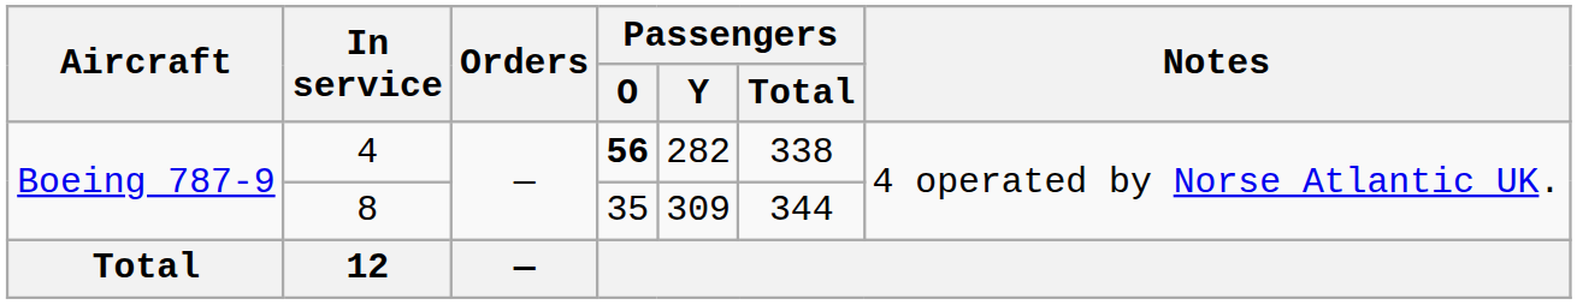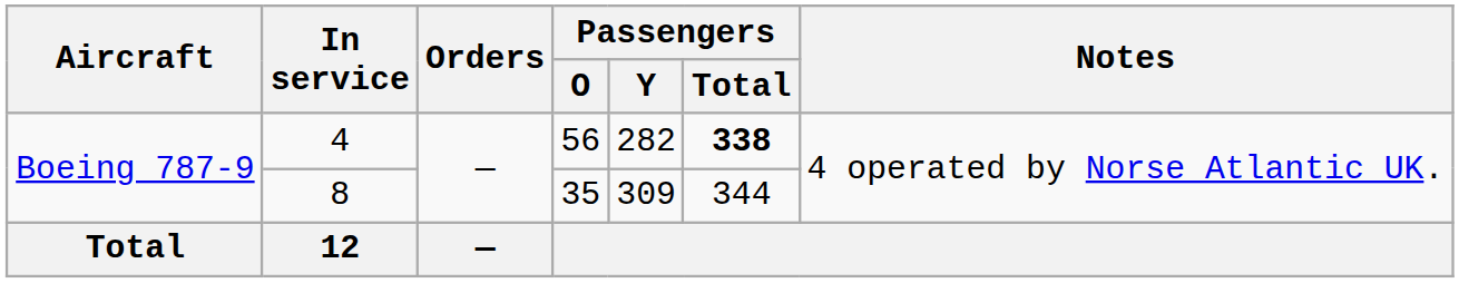 <table class="wikitable" style="text-align:center; margin-left: auto; margin-right: auto; border: none;">
 <tr>
 <th rowspan=2>Aircraft</th>
 <th rowspan=2>In<br>service</th>
 <th rowspan=2>Orders</th>
 <th colspan=3>Passengers</th>
 <th rowspan=2>Notes</th>
 </tr>
 <tr>
 <th><abbr>O</abbr></th>
 <th><abbr>Y</abbr></th>
 <th>Total</th>
 </tr>
 <tr>
 <td rowspan=2><a href='#'>Boeing 787-9</a></td>
 <td>4</td>
 <td rowspan=2>—</td>
-<td><strong>56</strong></td>
+<td>56</td>
 <td>282</td>
-<td>338</td>
+<td><strong>338</strong></td>
 <td rowspan=2>4 operated by <a href='#'>Norse Atlantic UK</a>.</td>
 </tr>
 <tr>
 <td>8</td>
 <td>35</td>
 <td>309</td>
 <td>344</td>
 </tr>
 <tr>
 <th>Total</th>
 <th>12</th>
 <th>—</th>
 <th colspan=4></th>
 </tr>
 </table>
